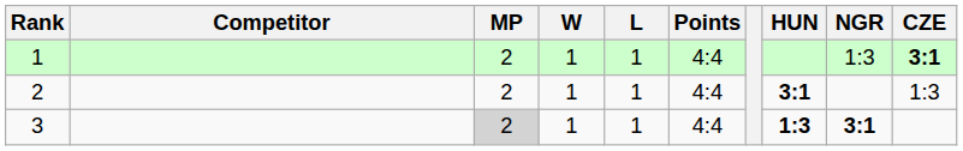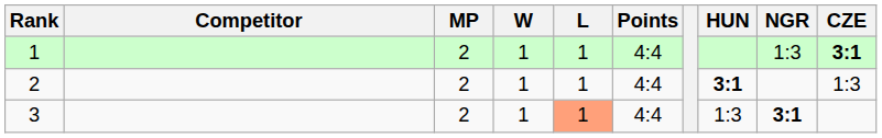 <table class="wikitable" style="text-align:center">
 <tr>
 <th>Rank</th>
 <th style="width:18em">Competitor</th>
 <th style="width:2.5em">MP</th>
 <th style="width:2.5em">W</th>
 <th style="width:2.5em">L</th>
 <th>Points</th>
 <th rowspan="4"> </th>
 <th style="width:2.5em">HUN</th>
 <th style="width:2.5em">NGR</th>
 <th style="width:2.5em">CZE</th>
 </tr>
 <tr style="background:#cfc;">
 <td>1</td>
 <td style="text-align:left"></td>
 <td>2</td>
 <td>1</td>
 <td>1</td>
 <td>4:4</td>
 <td></td>
 <td>1:3</td>
 <td><strong>3:1</strong></td>
 </tr>
 <tr>
 <td>2</td>
 <td style="text-align:left"></td>
 <td>2</td>
 <td>1</td>
 <td>1</td>
 <td>4:4</td>
 <td><strong>3:1</strong></td>
 <td></td>
 <td>1:3</td>
 </tr>
 <tr>
 <td>3</td>
 <td style="text-align:left"></td>
-<td style="background: lightgrey;">2</td>
+<td>2</td>
 <td>1</td>
-<td>1</td>
+<td style="background: lightsalmon;">1</td>
 <td>4:4</td>
-<td><strong>1:3</strong></td>
+<td>1:3</td>
 <td><strong>3:1</strong></td>
 <td></td>
 </tr>
 </table>
